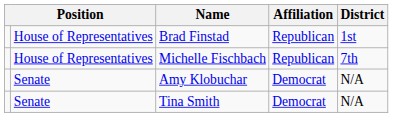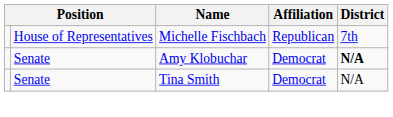 <table class="wikitable">
 <tr>
 <th colspan="2">Position</th>
 <th>Name</th>
 <th>Affiliation</th>
 <th>District</th>
-</tr>
-<tr>
-<td style="background-color:"></td>
-<td><a href='#'>House of Representatives</a></td>
-<td><a href='#'>Brad Finstad</a></td>
-<td><a href='#'>Republican</a></td>
-<td><a href='#'>1st</a></td>
 </tr>
 <tr>
 <td style="background-color:"></td>
 <td><a href='#'>House of Representatives</a></td>
 <td><a href='#'>Michelle Fischbach</a></td>
 <td><a href='#'>Republican</a></td>
 <td><a href='#'>7th</a></td>
 </tr>
 <tr>
 <td style="background-color:"></td>
 <td><a href='#'>Senate</a></td>
 <td><a href='#'>Amy Klobuchar</a></td>
 <td><a href='#'>Democrat</a></td>
-<td>N/A</td>
+<td><strong>N/A</strong></td>
 </tr>
 <tr>
 <td style="background-color:"></td>
 <td><a href='#'>Senate</a></td>
 <td><a href='#'>Tina Smith</a></td>
 <td><a href='#'>Democrat</a></td>
 <td>N/A</td>
 </tr>
 </table>
